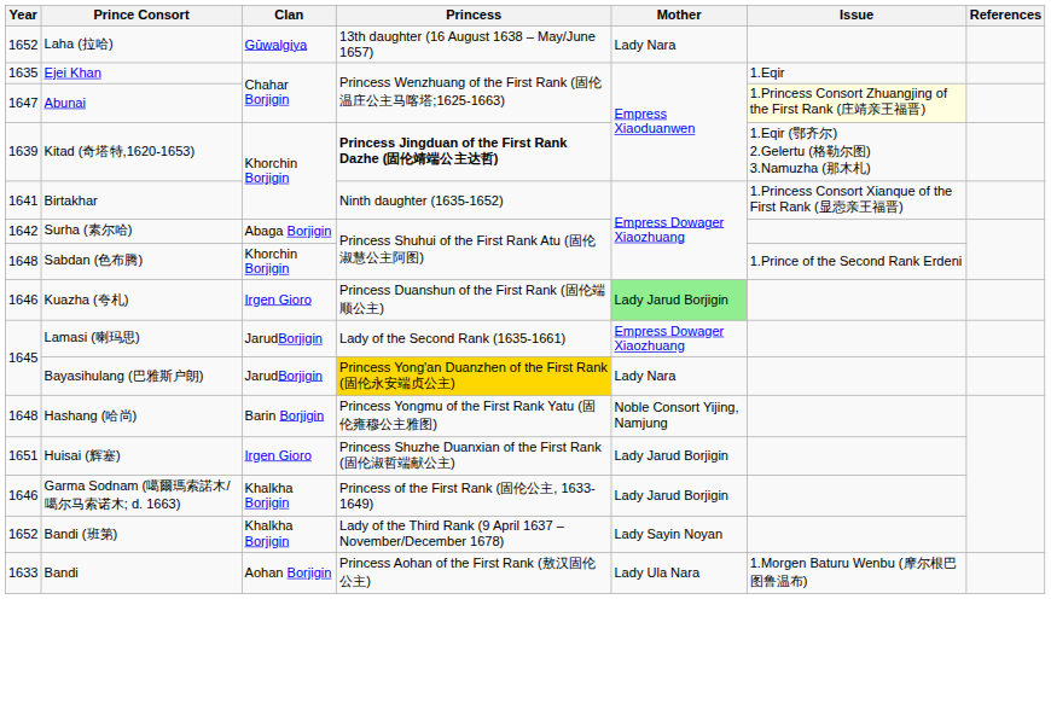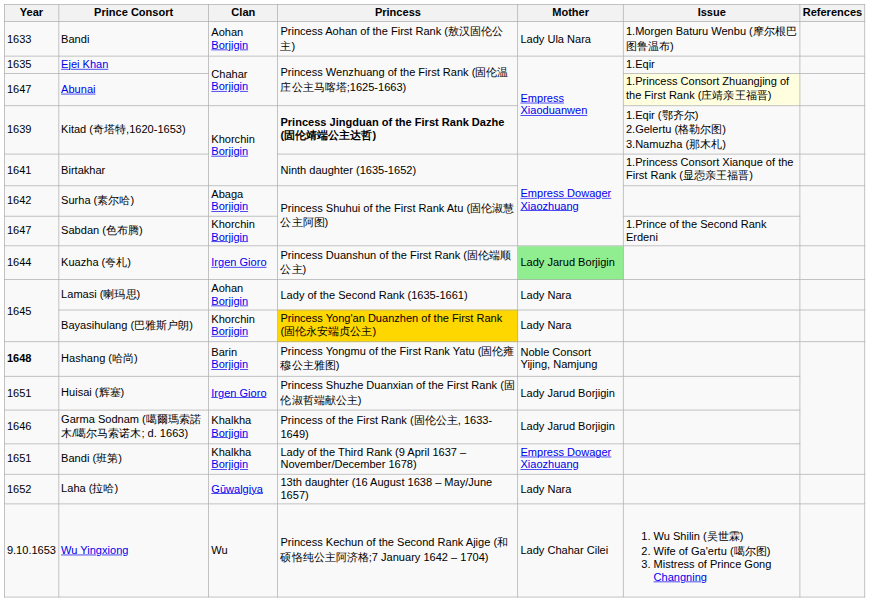 <table class="wikitable">
 <tr>
 <th>Year</th>
 <th>Prince Consort</th>
 <th>Clan</th>
 <th>Princess</th>
 <th>Mother</th>
 <th>Issue</th>
 <th>References</th>
 </tr>
 <tr>
-<td>1652</td>
-<td>Laha (拉哈)</td>
-<td><a href='#'>Gūwalgiya</a></td>
-<td>13th daughter (16 August 1638 – May/June 1657)</td>
-<td>Lady Nara</td>
-<td></td>
+<td>1633</td>
+<td>Bandi</td>
+<td>Aohan <a href='#'>Borjigin</a></td>
+<td>Princess Aohan of the First Rank (敖汉固伦公主)</td>
+<td>Lady Ula Nara</td>
+<td>1.Morgen Baturu Wenbu (摩尔根巴图鲁温布)</td>
 <td></td>
 </tr>
 <tr>
 <td>1635</td>
 <td><a href='#'>Ejei Khan</a></td>
 <td rowspan="2">Chahar <a href='#'>Borjigin</a></td>
 <td rowspan="2">Princess Wenzhuang of the First Rank (固伦温庄公主马喀塔;1625-1663)</td>
 <td rowspan="3"><a href='#'>Empress Xiaoduanwen</a></td>
 <td>1.Eqir</td>
 <td></td>
 </tr>
 <tr>
 <td>1647</td>
 <td><a href='#'>Abunai</a></td>
 <td style="background: lightyellow;">1.Princess Consort Zhuangjing of the First Rank (庄靖亲王福晋)</td>
 <td></td>
 </tr>
 <tr>
 <td>1639</td>
 <td>Kitad (奇塔特,1620-1653)</td>
 <td rowspan="2">Khorchin <a href='#'>Borjigin</a></td>
 <td><strong>Princess Jingduan of the First Rank Dazhe (固伦靖端公主达哲)</strong></td>
 <td>1.Eqir (鄂齐尔)<br>2.Gelertu (格勒尔图)<br>3.Namuzha (那木札)</td>
 <td></td>
 </tr>
 <tr>
 <td>1641</td>
 <td>Birtakhar</td>
 <td>Ninth daughter (1635-1652)</td>
 <td rowspan="3"><a href='#'>Empress Dowager Xiaozhuang</a></td>
 <td>1.Princess Consort Xianque of the First Rank (显悫亲王福晋)</td>
 <td></td>
 </tr>
 <tr>
 <td>1642</td>
 <td>Surha (素尔哈)</td>
 <td>Abaga <a href='#'>Borjigin</a></td>
 <td rowspan="2">Princess Shuhui of the First Rank Atu (固伦淑慧公主阿图)</td>
 <td></td>
 <td rowspan="2"></td>
 </tr>
 <tr>
-<td>1648</td>
+<td>1647</td>
 <td>Sabdan (色布腾)</td>
 <td>Khorchin <a href='#'>Borjigin</a></td>
 <td>1.Prince of the Second Rank Erdeni</td>
 </tr>
 <tr>
-<td>1646</td>
+<td>1644</td>
 <td>Kuazha (夸札)</td>
 <td><a href='#'>Irgen Gioro</a></td>
 <td>Princess Duanshun of the First Rank (固伦端顺公主)</td>
 <td style="background: lightgreen;">Lady Jarud Borjigin</td>
 <td></td>
 <td></td>
 </tr>
 <tr>
 <td rowspan="2">1645</td>
 <td>Lamasi (喇玛思)</td>
-<td>Jarud<a href='#'>Borjigin</a></td>
+<td>Aohan <a href='#'>Borjigin</a></td>
 <td>Lady of the Second Rank (1635-1661)</td>
-<td><a href='#'>Empress Dowager Xiaozhuang</a></td>
+<td>Lady Nara</td>
 <td></td>
 <td></td>
 </tr>
 <tr>
 <td>Bayasihulang (巴雅斯户朗)</td>
-<td>Jarud<a href='#'>Borjigin</a></td>
+<td>Khorchin <a href='#'>Borjigin</a></td>
 <td style="background: gold;">Princess Yong'an Duanzhen of the First Rank (固伦永安端贞公主)</td>
 <td>Lady Nara</td>
 <td></td>
 <td></td>
 </tr>
 <tr>
-<td>1648</td>
+<td><strong>1648</strong></td>
 <td>Hashang (哈尚)</td>
 <td>Barin <a href='#'>Borjigin</a></td>
 <td>Princess Yongmu of the First Rank Yatu (固伦雍穆公主雅图)</td>
 <td>Noble Consort Yijing, Namjung</td>
 <td></td>
 <td rowspan="4"></td>
 </tr>
 <tr>
 <td>1651</td>
 <td>Huisai (辉塞)</td>
 <td><a href='#'>Irgen Gioro</a></td>
 <td>Princess Shuzhe Duanxian of the First Rank (固伦淑哲端献公主)</td>
 <td>Lady Jarud Borjigin</td>
 <td></td>
 </tr>
 <tr>
 <td>1646</td>
 <td>Garma Sodnam (噶爾瑪索諾木/噶尔马索诺木; d. 1663)</td>
 <td>Khalkha <a href='#'>Borjigin</a></td>
 <td>Princess of the First Rank (固伦公主, 1633-1649)</td>
 <td>Lady Jarud Borjigin</td>
 <td></td>
 </tr>
 <tr>
-<td>1652</td>
+<td>1651</td>
 <td>Bandi (班第)</td>
 <td>Khalkha <a href='#'>Borjigin</a></td>
 <td>Lady of the Third Rank (9 April 1637 – November/December 1678)</td>
-<td>Lady Sayin Noyan</td>
+<td><a href='#'>Empress Dowager Xiaozhuang</a></td>
 <td></td>
 </tr>
 <tr>
-<td>1633</td>
-<td>Bandi</td>
-<td>Aohan <a href='#'>Borjigin</a></td>
-<td>Princess Aohan of the First Rank (敖汉固伦公主)</td>
-<td>Lady Ula Nara</td>
-<td>1.Morgen Baturu Wenbu (摩尔根巴图鲁温布)</td>
+<td>1652</td>
+<td>Laha (拉哈)</td>
+<td><a href='#'>Gūwalgiya</a></td>
+<td>13th daughter (16 August 1638 – May/June 1657)</td>
+<td>Lady Nara</td>
+<td></td>
+<td></td>
+</tr>
+<tr>
+<td>9.10.1653</td>
+<td><a href='#'>Wu Yingxiong</a></td>
+<td>Wu</td>
+<td>Princess Kechun of the Second Rank Ajige (和硕恪纯公主阿济格;7 January 1642 – 1704)</td>
+<td>Lady Chahar Cilei</td>
+<td><br><ol><li>Wu Shilin (吴世霖)</li><li>Wife of Ga'ertu (噶尔图)</li><li>Mistress of Prince Gong <a href='#'>Changning</a></li></ol></td>
 <td></td>
 </tr>
 </table>
